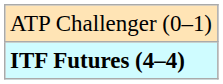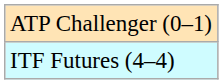 <table class=wikitable style=font-size:97%>
 <tr bgcolor=moccasin>
 <td>ATP Challenger (0–1)</td>
 </tr>
 <tr bgcolor=cffcff>
-<td><strong>ITF Futures (4–4)</strong></td>
+<td>ITF Futures (4–4)</td>
 </tr>
 </table>
